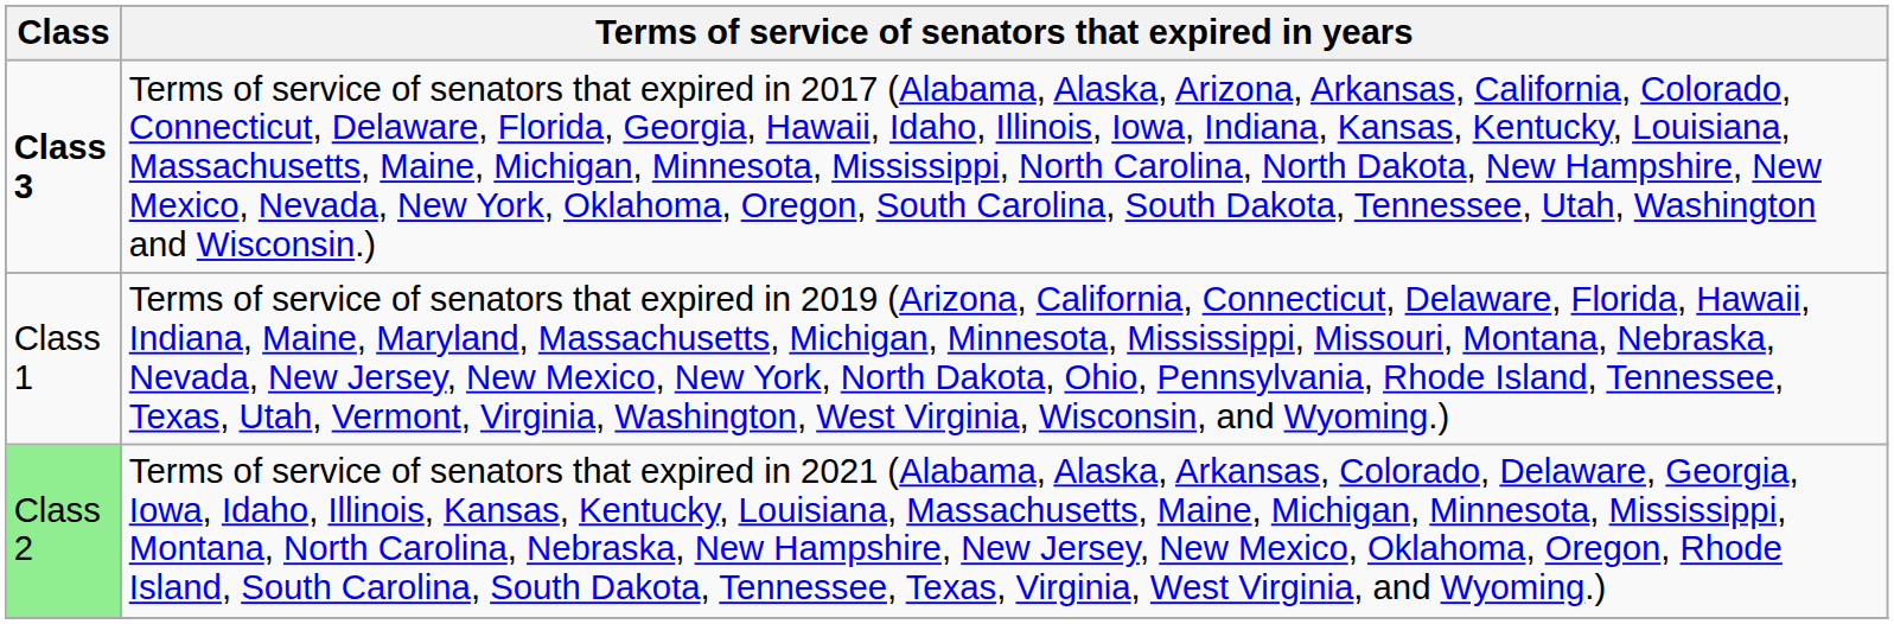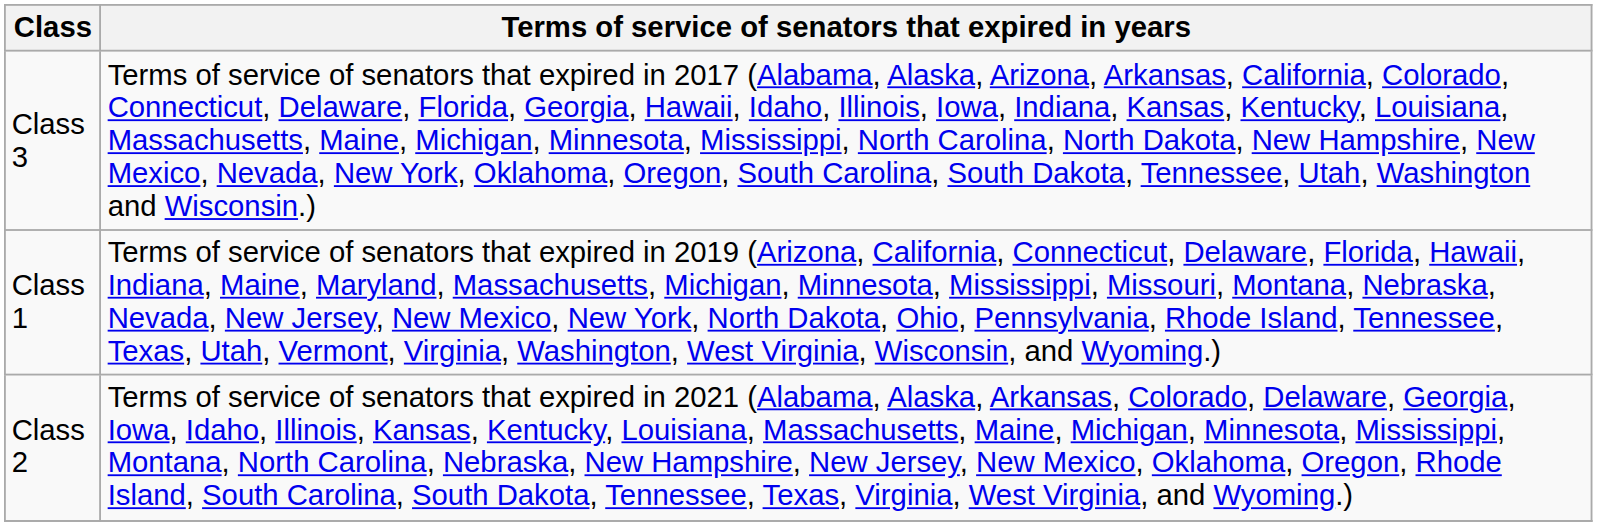 <table class="wikitable sortable">
 <tr valign=bottom>
 <th>Class</th>
 <th>Terms of service of senators that expired in years</th>
 </tr>
 <tr>
-<td><strong>Class 3</strong></td>
+<td>Class 3</td>
 <td>Terms of service of senators that expired in 2017 (<a href='#'>Alabama</a>, <a href='#'>Alaska</a>, <a href='#'>Arizona</a>, <a href='#'>Arkansas</a>, <a href='#'>California</a>, <a href='#'>Colorado</a>, <a href='#'>Connecticut</a>, <a href='#'>Delaware</a>, <a href='#'>Florida</a>, <a href='#'>Georgia</a>, <a href='#'>Hawaii</a>, <a href='#'>Idaho</a>, <a href='#'>Illinois</a>, <a href='#'>Iowa</a>, <a href='#'>Indiana</a>, <a href='#'>Kansas</a>, <a href='#'>Kentucky</a>, <a href='#'>Louisiana</a>, <a href='#'>Massachusetts</a>, <a href='#'>Maine</a>, <a href='#'>Michigan</a>, <a href='#'>Minnesota</a>, <a href='#'>Mississippi</a>, <a href='#'>North Carolina</a>, <a href='#'>North Dakota</a>, <a href='#'>New Hampshire</a>, <a href='#'>New Mexico</a>, <a href='#'>Nevada</a>, <a href='#'>New York</a>, <a href='#'>Oklahoma</a>, <a href='#'>Oregon</a>, <a href='#'>South Carolina</a>, <a href='#'>South Dakota</a>, <a href='#'>Tennessee</a>, <a href='#'>Utah</a>, <a href='#'>Washington</a> and <a href='#'>Wisconsin</a>.)</td>
 </tr>
 <tr>
 <td>Class 1</td>
 <td>Terms of service of senators that expired in 2019 (<a href='#'>Arizona</a>, <a href='#'>California</a>, <a href='#'>Connecticut</a>, <a href='#'>Delaware</a>, <a href='#'>Florida</a>, <a href='#'>Hawaii</a>, <a href='#'>Indiana</a>, <a href='#'>Maine</a>, <a href='#'>Maryland</a>, <a href='#'>Massachusetts</a>, <a href='#'>Michigan</a>, <a href='#'>Minnesota</a>, <a href='#'>Mississippi</a>, <a href='#'>Missouri</a>, <a href='#'>Montana</a>, <a href='#'>Nebraska</a>, <a href='#'>Nevada</a>, <a href='#'>New Jersey</a>, <a href='#'>New Mexico</a>, <a href='#'>New York</a>, <a href='#'>North Dakota</a>, <a href='#'>Ohio</a>, <a href='#'>Pennsylvania</a>, <a href='#'>Rhode Island</a>, <a href='#'>Tennessee</a>, <a href='#'>Texas</a>, <a href='#'>Utah</a>, <a href='#'>Vermont</a>, <a href='#'>Virginia</a>, <a href='#'>Washington</a>, <a href='#'>West Virginia</a>, <a href='#'>Wisconsin</a>, and <a href='#'>Wyoming</a>.)</td>
 </tr>
 <tr>
-<td style="background: lightgreen;">Class 2</td>
+<td>Class 2</td>
 <td>Terms of service of senators that expired in 2021 (<a href='#'>Alabama</a>, <a href='#'>Alaska</a>, <a href='#'>Arkansas</a>, <a href='#'>Colorado</a>, <a href='#'>Delaware</a>, <a href='#'>Georgia</a>, <a href='#'>Iowa</a>, <a href='#'>Idaho</a>, <a href='#'>Illinois</a>, <a href='#'>Kansas</a>, <a href='#'>Kentucky</a>, <a href='#'>Louisiana</a>, <a href='#'>Massachusetts</a>, <a href='#'>Maine</a>, <a href='#'>Michigan</a>, <a href='#'>Minnesota</a>, <a href='#'>Mississippi</a>, <a href='#'>Montana</a>, <a href='#'>North Carolina</a>, <a href='#'>Nebraska</a>, <a href='#'>New Hampshire</a>, <a href='#'>New Jersey</a>, <a href='#'>New Mexico</a>, <a href='#'>Oklahoma</a>, <a href='#'>Oregon</a>, <a href='#'>Rhode Island</a>, <a href='#'>South Carolina</a>, <a href='#'>South Dakota</a>, <a href='#'>Tennessee</a>, <a href='#'>Texas</a>, <a href='#'>Virginia</a>, <a href='#'>West Virginia</a>, and <a href='#'>Wyoming</a>.)</td>
 </tr>
 <tr>
 </tr>
 </table>
